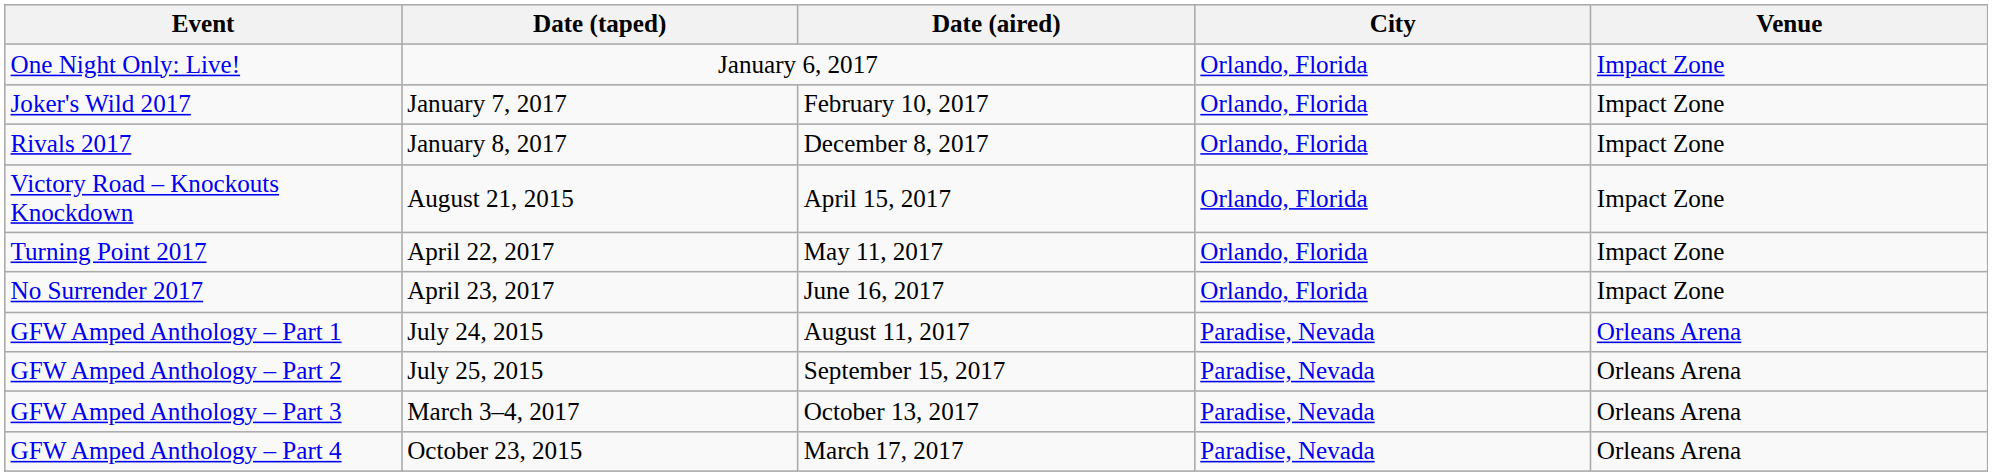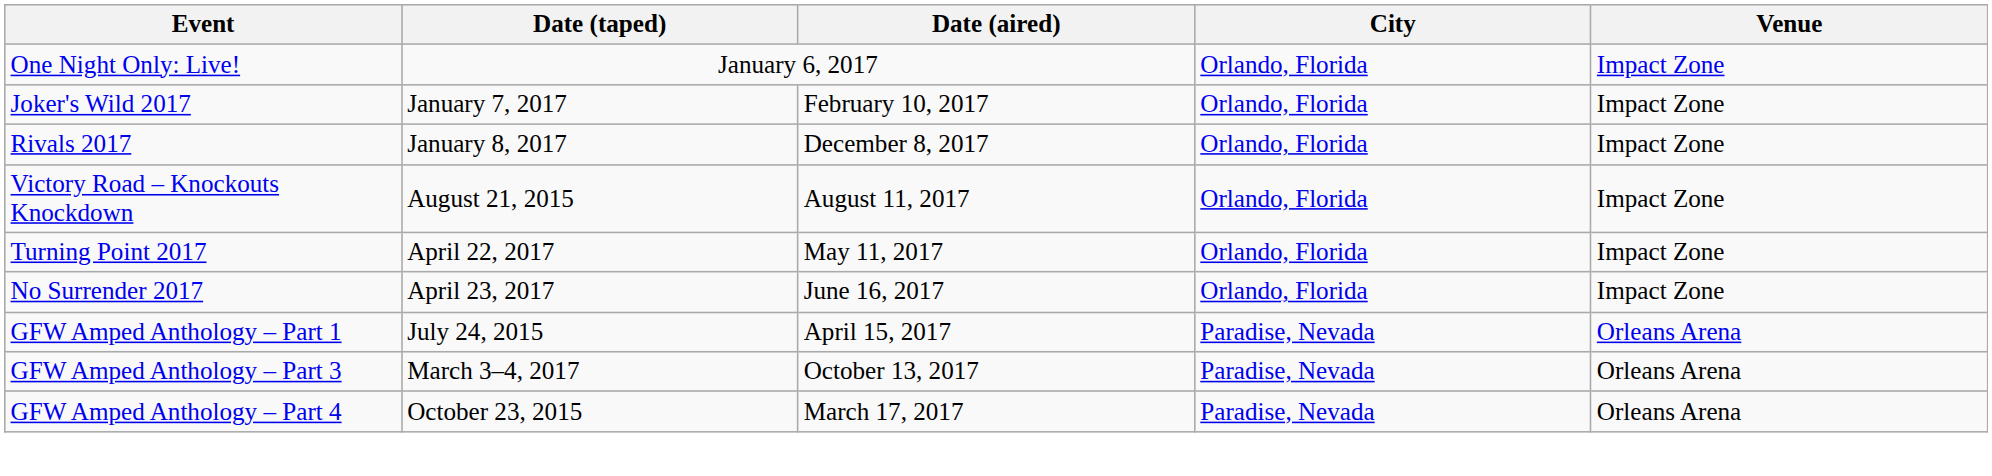 <table class="wikitable sortable" width="100%" style="align: center">
 <tr>
 <th width="20%">Event</th>
 <th width="20%">Date (taped)</th>
 <th width="20%">Date (aired)</th>
 <th width="20%">City</th>
 <th width="20%">Venue</th>
 </tr>
 <tr>
 <td><a href='#'>One Night Only: Live!</a></td>
 <td colspan="2" align="center">January 6, 2017</td>
 <td><a href='#'>Orlando, Florida</a></td>
 <td><a href='#'>Impact Zone</a></td>
 </tr>
 <tr>
 <td><a href='#'>Joker's Wild 2017</a></td>
 <td>January 7, 2017</td>
 <td>February 10, 2017</td>
 <td><a href='#'>Orlando, Florida</a></td>
 <td>Impact Zone</td>
 </tr>
 <tr>
 <td><a href='#'>Rivals 2017</a></td>
 <td>January 8, 2017</td>
 <td>December 8, 2017</td>
 <td><a href='#'>Orlando, Florida</a></td>
 <td>Impact Zone</td>
 </tr>
 <tr>
 <td><a href='#'>Victory Road – Knockouts Knockdown</a></td>
 <td>August 21, 2015</td>
-<td>April 15, 2017</td>
+<td>August 11, 2017</td>
 <td><a href='#'>Orlando, Florida</a></td>
 <td>Impact Zone</td>
 </tr>
 <tr>
 <td><a href='#'>Turning Point 2017</a></td>
 <td>April 22, 2017</td>
 <td>May 11, 2017</td>
 <td><a href='#'>Orlando, Florida</a></td>
 <td>Impact Zone</td>
 </tr>
 <tr>
 <td><a href='#'>No Surrender 2017</a></td>
 <td>April 23, 2017</td>
 <td>June 16, 2017</td>
 <td><a href='#'>Orlando, Florida</a></td>
 <td>Impact Zone</td>
 </tr>
 <tr>
 <td><a href='#'>GFW Amped Anthology – Part 1</a></td>
 <td>July 24, 2015</td>
-<td>August 11, 2017</td>
+<td>April 15, 2017</td>
 <td><a href='#'>Paradise, Nevada</a></td>
 <td><a href='#'>Orleans Arena</a></td>
-</tr>
-<tr>
-<td><a href='#'>GFW Amped Anthology – Part 2</a></td>
-<td>July 25, 2015</td>
-<td>September 15, 2017</td>
-<td><a href='#'>Paradise, Nevada</a></td>
-<td>Orleans Arena</td>
 </tr>
 <tr>
 <td><a href='#'>GFW Amped Anthology – Part 3</a></td>
 <td>March 3–4, 2017</td>
 <td>October 13, 2017</td>
 <td><a href='#'>Paradise, Nevada</a></td>
 <td>Orleans Arena</td>
 </tr>
 <tr>
 <td><a href='#'>GFW Amped Anthology – Part 4</a></td>
 <td>October 23, 2015</td>
 <td>March 17, 2017</td>
 <td><a href='#'>Paradise, Nevada</a></td>
 <td>Orleans Arena</td>
 </tr>
 </table>
